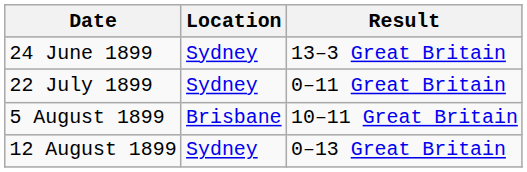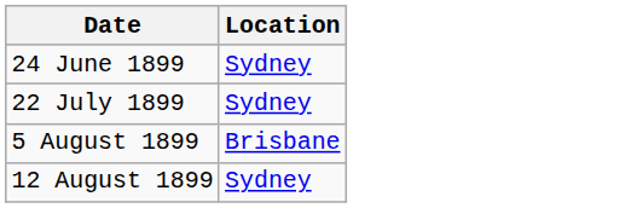 <table class="wikitable" style="align:center;">
 <tr>
 <th>Date</th>
 <th>Location</th>
-<th>Result</th>
 </tr>
 <tr>
 <td>24 June 1899</td>
 <td><a href='#'>Sydney</a></td>
-<td> 13–3 <a href='#'>Great Britain</a> </td>
 </tr>
 <tr>
 <td>22 July 1899</td>
 <td><a href='#'>Sydney</a></td>
-<td> 0–11 <a href='#'>Great Britain</a> </td>
 </tr>
 <tr>
 <td>5 August 1899</td>
 <td><a href='#'>Brisbane</a></td>
-<td> 10–11 <a href='#'>Great Britain</a> </td>
 </tr>
 <tr>
 <td>12 August 1899</td>
 <td><a href='#'>Sydney</a></td>
-<td> 0–13 <a href='#'>Great Britain</a> </td>
 </tr>
 </table>
